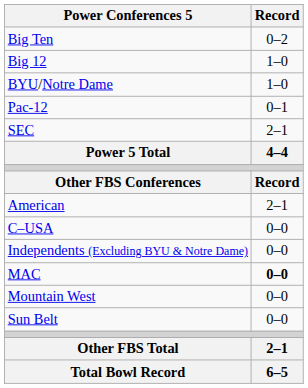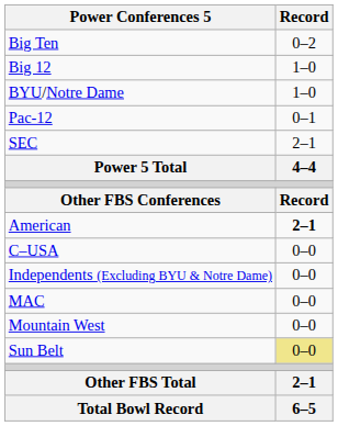 <table class="wikitable">
 <tr>
 <th>Power Conferences 5</th>
 <th>Record</th>
 </tr>
 <tr>
 <td><a href='#'>Big Ten</a></td>
 <td align=center>0–2</td>
 </tr>
 <tr>
 <td><a href='#'>Big 12</a></td>
 <td align=center>1–0</td>
 </tr>
 <tr>
 <td><a href='#'>BYU</a>/<a href='#'>Notre Dame</a></td>
 <td align=center>1–0</td>
 </tr>
 <tr>
 <td><a href='#'>Pac-12</a></td>
 <td align=center>0–1</td>
 </tr>
 <tr>
 <td><a href='#'>SEC</a></td>
 <td align=center>2–1</td>
 </tr>
 <tr>
 <th>Power 5 Total</th>
 <th>4–4</th>
 </tr>
 <tr>
 <th colspan="2" style="background:lightgrey;"></th>
 </tr>
 <tr>
 <th>Other FBS Conferences</th>
 <th>Record</th>
 </tr>
 <tr>
 <td><a href='#'>American</a></td>
-<td align=center>2–1</td>
+<td align=center><strong>2–1</strong></td>
 </tr>
 <tr>
 <td><a href='#'>C–USA</a></td>
 <td align=center>0–0</td>
 </tr>
 <tr>
 <td><a href='#'>Independents <small>(Excluding BYU & Notre Dame)</small></a></td>
 <td align=center>0–0</td>
 </tr>
 <tr>
 <td><a href='#'>MAC</a></td>
-<td align=center><strong>0–0</strong></td>
+<td align=center>0–0</td>
 </tr>
 <tr>
 <td><a href='#'>Mountain West</a></td>
 <td align=center>0–0</td>
 </tr>
 <tr>
 <td><a href='#'>Sun Belt</a></td>
-<td align=center>0–0</td>
+<td align=center style="background: khaki;">0–0</td>
 </tr>
 <tr>
 <th colspan="2" style="background:lightgrey;"></th>
 </tr>
 <tr>
 <th>Other FBS Total</th>
 <th>2–1</th>
 </tr>
 <tr>
 <th>Total Bowl Record</th>
 <th>6–5</th>
 </tr>
 </table>
